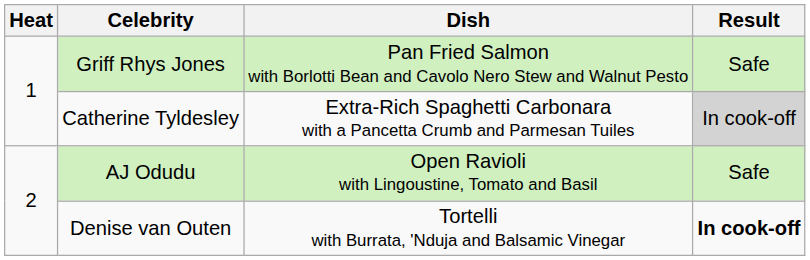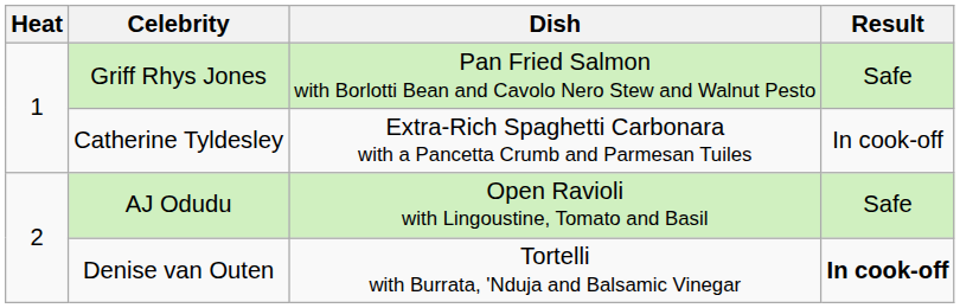 <table class="wikitable" style="text-align:center;">
 <tr>
 <th>Heat</th>
 <th>Celebrity</th>
 <th>Dish</th>
 <th>Result</th>
 </tr>
 <tr>
 <td rowspan="2">1</td>
 <td style="background:#d0f0c0;">Griff Rhys Jones</td>
 <td style="background:#d0f0c0;">Pan Fried Salmon<br><small>with Borlotti Bean and Cavolo Nero Stew and Walnut Pesto</small></td>
 <td style="background:#d0f0c0;">Safe</td>
 </tr>
 <tr>
 <td>Catherine Tyldesley</td>
 <td>Extra-Rich Spaghetti Carbonara<br><small>with a Pancetta Crumb and Parmesan Tuiles</small></td>
-<td style="background: lightgrey;">In cook-off</td>
+<td>In cook-off</td>
 </tr>
 <tr>
 <td rowspan="2">2</td>
 <td style="background:#d0f0c0;">AJ Odudu</td>
 <td style="background:#d0f0c0;">Open Ravioli<br><small>with Lingoustine, Tomato and Basil</small></td>
 <td style="background:#d0f0c0;">Safe</td>
 </tr>
 <tr>
 <td>Denise van Outen</td>
 <td>Tortelli<br><small>with Burrata, 'Nduja and Balsamic Vinegar</small></td>
 <td><strong>In cook-off</strong></td>
 </tr>
 </table>
